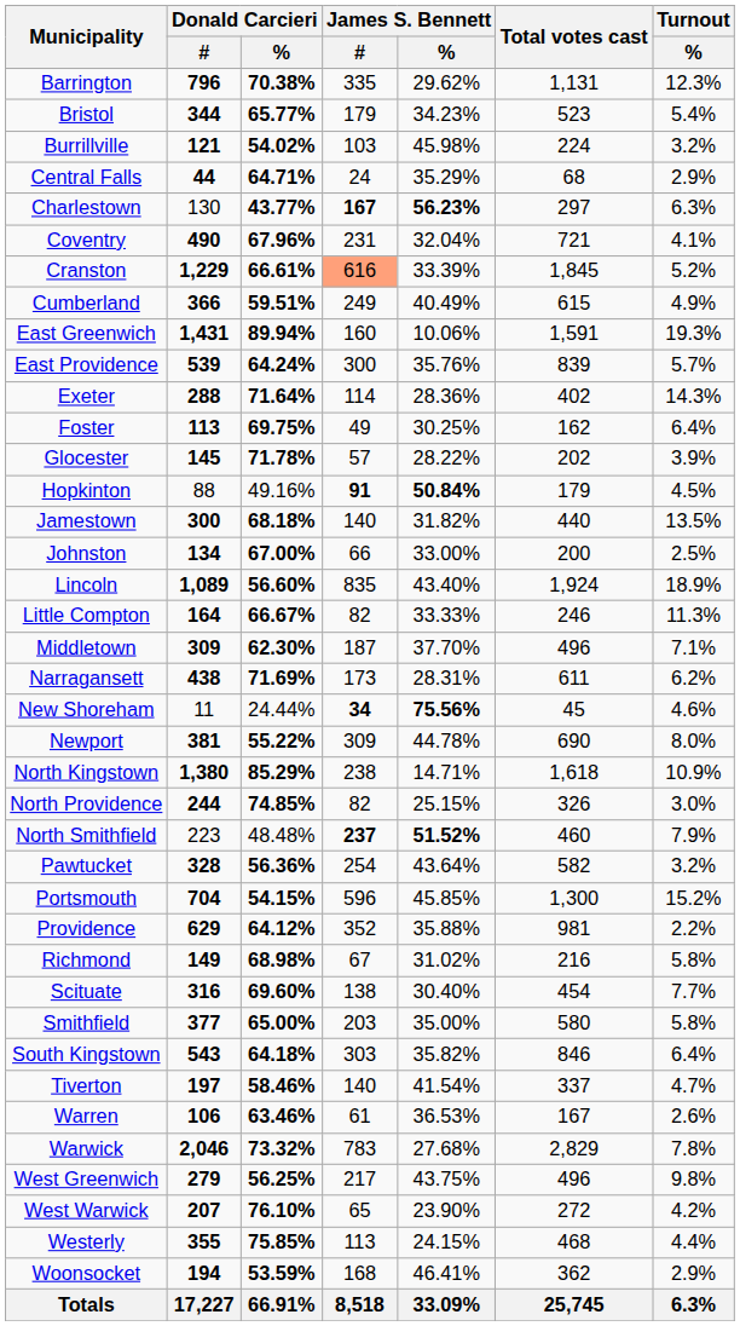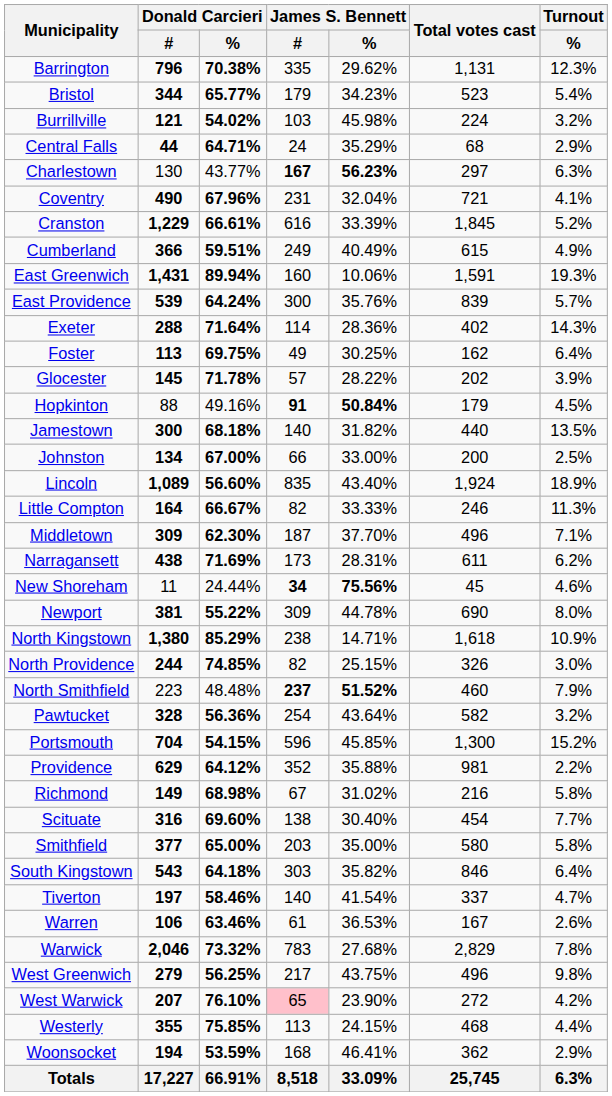 <table class="wikitable sortable">
 <tr>
 <th rowspan="2">Municipality</th>
 <th colspan="2">Donald Carcieri</th>
 <th colspan="2">James S. Bennett</th>
 <th rowspan="2">Total votes cast</th>
 <th rowspan="1">Turnout</th>
 </tr>
 <tr>
 <th data-sort-type="number" style="text-align:center;">#</th>
 <th data-sort-type="number" style="text-align:center;">%</th>
 <th data-sort-type="number" style="text-align:center;">#</th>
 <th data-sort-type="number" style="text-align:center;">%</th>
 <th data-sort-type="number" style="text-align:center;">%</th>
 </tr>
 <tr style="text-align:center;">
 <td><a href='#'>Barrington</a></td>
 <td><strong>796</strong></td>
 <td><strong>70.38%</strong></td>
 <td>335</td>
 <td>29.62%</td>
 <td>1,131</td>
 <td>12.3%</td>
 </tr>
 <tr style="text-align:center;">
 <td><a href='#'>Bristol</a></td>
 <td><strong>344</strong></td>
 <td><strong>65.77%</strong></td>
 <td>179</td>
 <td>34.23%</td>
 <td>523</td>
 <td>5.4%</td>
 </tr>
 <tr style="text-align:center;">
 <td><a href='#'>Burrillville</a></td>
 <td><strong>121</strong></td>
 <td><strong>54.02%</strong></td>
 <td>103</td>
 <td>45.98%</td>
 <td>224</td>
 <td>3.2%</td>
 </tr>
 <tr style="text-align:center;">
 <td><a href='#'>Central Falls</a></td>
 <td><strong>44</strong></td>
 <td><strong>64.71%</strong></td>
 <td>24</td>
 <td>35.29%</td>
 <td>68</td>
 <td>2.9%</td>
 </tr>
 <tr style="text-align:center;">
 <td><a href='#'>Charlestown</a></td>
 <td>130</td>
-<td><strong>43.77%</strong></td>
+<td>43.77%</td>
 <td><strong>167</strong></td>
 <td><strong>56.23%</strong></td>
 <td>297</td>
 <td>6.3%</td>
 </tr>
 <tr style="text-align:center;">
 <td><a href='#'>Coventry</a></td>
 <td><strong>490</strong></td>
 <td><strong>67.96%</strong></td>
 <td>231</td>
 <td>32.04%</td>
 <td>721</td>
 <td>4.1%</td>
 </tr>
 <tr style="text-align:center;">
 <td><a href='#'>Cranston</a></td>
 <td><strong>1,229</strong></td>
 <td><strong>66.61%</strong></td>
-<td style="background: lightsalmon;">616</td>
+<td>616</td>
 <td>33.39%</td>
 <td>1,845</td>
 <td>5.2%</td>
 </tr>
 <tr style="text-align:center;">
 <td><a href='#'>Cumberland</a></td>
 <td><strong>366</strong></td>
 <td><strong>59.51%</strong></td>
 <td>249</td>
 <td>40.49%</td>
 <td>615</td>
 <td>4.9%</td>
 </tr>
 <tr style="text-align:center;">
 <td><a href='#'>East Greenwich</a></td>
 <td><strong>1,431</strong></td>
 <td><strong>89.94%</strong></td>
 <td>160</td>
 <td>10.06%</td>
 <td>1,591</td>
 <td>19.3%</td>
 </tr>
 <tr style="text-align:center;">
 <td><a href='#'>East Providence</a></td>
 <td><strong>539</strong></td>
 <td><strong>64.24%</strong></td>
 <td>300</td>
 <td>35.76%</td>
 <td>839</td>
 <td>5.7%</td>
 </tr>
 <tr style="text-align:center;">
 <td><a href='#'>Exeter</a></td>
 <td><strong>288</strong></td>
 <td><strong>71.64%</strong></td>
 <td>114</td>
 <td>28.36%</td>
 <td>402</td>
 <td>14.3%</td>
 </tr>
 <tr style="text-align:center;">
 <td><a href='#'>Foster</a></td>
 <td><strong>113</strong></td>
 <td><strong>69.75%</strong></td>
 <td>49</td>
 <td>30.25%</td>
 <td>162</td>
 <td>6.4%</td>
 </tr>
 <tr style="text-align:center;">
 <td><a href='#'>Glocester</a></td>
 <td><strong>145</strong></td>
 <td><strong>71.78%</strong></td>
 <td>57</td>
 <td>28.22%</td>
 <td>202</td>
 <td>3.9%</td>
 </tr>
 <tr style="text-align:center;">
 <td><a href='#'>Hopkinton</a></td>
 <td>88</td>
 <td>49.16%</td>
 <td><strong>91</strong></td>
 <td><strong>50.84%</strong></td>
 <td>179</td>
 <td>4.5%</td>
 </tr>
 <tr style="text-align:center;">
 <td><a href='#'>Jamestown</a></td>
 <td><strong>300</strong></td>
 <td><strong>68.18%</strong></td>
 <td>140</td>
 <td>31.82%</td>
 <td>440</td>
 <td>13.5%</td>
 </tr>
 <tr style="text-align:center;">
 <td><a href='#'>Johnston</a></td>
 <td><strong>134</strong></td>
 <td><strong>67.00%</strong></td>
 <td>66</td>
 <td>33.00%</td>
 <td>200</td>
 <td>2.5%</td>
 </tr>
 <tr style="text-align:center;">
 <td><a href='#'>Lincoln</a></td>
 <td><strong>1,089</strong></td>
 <td><strong>56.60%</strong></td>
 <td>835</td>
 <td>43.40%</td>
 <td>1,924</td>
 <td>18.9%</td>
 </tr>
 <tr style="text-align:center;">
 <td><a href='#'>Little Compton</a></td>
 <td><strong>164</strong></td>
 <td><strong>66.67%</strong></td>
 <td>82</td>
 <td>33.33%</td>
 <td>246</td>
 <td>11.3%</td>
 </tr>
 <tr style="text-align:center;">
 <td><a href='#'>Middletown</a></td>
 <td><strong>309</strong></td>
 <td><strong>62.30%</strong></td>
 <td>187</td>
 <td>37.70%</td>
 <td>496</td>
 <td>7.1%</td>
 </tr>
 <tr style="text-align:center;">
 <td><a href='#'>Narragansett</a></td>
 <td><strong>438</strong></td>
 <td><strong>71.69%</strong></td>
 <td>173</td>
 <td>28.31%</td>
 <td>611</td>
 <td>6.2%</td>
 </tr>
 <tr style="text-align:center;">
 <td><a href='#'>New Shoreham</a></td>
 <td>11</td>
 <td>24.44%</td>
 <td><strong>34</strong></td>
 <td><strong>75.56%</strong></td>
 <td>45</td>
 <td>4.6%</td>
 </tr>
 <tr style="text-align:center;">
 <td><a href='#'>Newport</a></td>
 <td><strong>381</strong></td>
 <td><strong>55.22%</strong></td>
 <td>309</td>
 <td>44.78%</td>
 <td>690</td>
 <td>8.0%</td>
 </tr>
 <tr style="text-align:center;">
 <td><a href='#'>North Kingstown</a></td>
 <td><strong>1,380</strong></td>
 <td><strong>85.29%</strong></td>
 <td>238</td>
 <td>14.71%</td>
 <td>1,618</td>
 <td>10.9%</td>
 </tr>
 <tr style="text-align:center;">
 <td><a href='#'>North Providence</a></td>
 <td><strong>244</strong></td>
 <td><strong>74.85%</strong></td>
 <td>82</td>
 <td>25.15%</td>
 <td>326</td>
 <td>3.0%</td>
 </tr>
 <tr style="text-align:center;">
 <td><a href='#'>North Smithfield</a></td>
 <td>223</td>
 <td>48.48%</td>
 <td><strong>237</strong></td>
 <td><strong>51.52%</strong></td>
 <td>460</td>
 <td>7.9%</td>
 </tr>
 <tr style="text-align:center;">
 <td><a href='#'>Pawtucket</a></td>
 <td><strong>328</strong></td>
 <td><strong>56.36%</strong></td>
 <td>254</td>
 <td>43.64%</td>
 <td>582</td>
 <td>3.2%</td>
 </tr>
 <tr style="text-align:center;">
 <td><a href='#'>Portsmouth</a></td>
 <td><strong>704</strong></td>
 <td><strong>54.15%</strong></td>
 <td>596</td>
 <td>45.85%</td>
 <td>1,300</td>
 <td>15.2%</td>
 </tr>
 <tr style="text-align:center;">
 <td><a href='#'>Providence</a></td>
 <td><strong>629</strong></td>
 <td><strong>64.12%</strong></td>
 <td>352</td>
 <td>35.88%</td>
 <td>981</td>
 <td>2.2%</td>
 </tr>
 <tr style="text-align:center;">
 <td><a href='#'>Richmond</a></td>
 <td><strong>149</strong></td>
 <td><strong>68.98%</strong></td>
 <td>67</td>
 <td>31.02%</td>
 <td>216</td>
 <td>5.8%</td>
 </tr>
 <tr - style="text-align:center;">
 <td><a href='#'>Scituate</a></td>
 <td><strong>316</strong></td>
 <td><strong>69.60%</strong></td>
 <td>138</td>
 <td>30.40%</td>
 <td>454</td>
 <td>7.7%</td>
 </tr>
 <tr - style="text-align:center;">
 <td><a href='#'>Smithfield</a></td>
 <td><strong>377</strong></td>
 <td><strong>65.00%</strong></td>
 <td>203</td>
 <td>35.00%</td>
 <td>580</td>
 <td>5.8%</td>
 </tr>
 <tr - style="text-align:center;">
 <td><a href='#'>South Kingstown</a></td>
 <td><strong>543</strong></td>
 <td><strong>64.18%</strong></td>
 <td>303</td>
 <td>35.82%</td>
 <td>846</td>
 <td>6.4%</td>
 </tr>
 <tr - style="text-align:center;">
 <td><a href='#'>Tiverton</a></td>
 <td><strong>197</strong></td>
 <td><strong>58.46%</strong></td>
 <td>140</td>
 <td>41.54%</td>
 <td>337</td>
 <td>4.7%</td>
 </tr>
 <tr - style="text-align:center;">
 <td><a href='#'>Warren</a></td>
 <td><strong>106</strong></td>
 <td><strong>63.46%</strong></td>
 <td>61</td>
 <td>36.53%</td>
 <td>167</td>
 <td>2.6%</td>
 </tr>
 <tr - style="text-align:center;">
 <td><a href='#'>Warwick</a></td>
 <td><strong>2,046</strong></td>
 <td><strong>73.32%</strong></td>
 <td>783</td>
 <td>27.68%</td>
 <td>2,829</td>
 <td>7.8%</td>
 </tr>
 <tr - style="text-align:center;">
 <td><a href='#'>West Greenwich</a></td>
 <td><strong>279</strong></td>
 <td><strong>56.25%</strong></td>
 <td>217</td>
 <td>43.75%</td>
 <td>496</td>
 <td>9.8%</td>
 </tr>
 <tr - style="text-align:center;">
 <td><a href='#'>West Warwick</a></td>
 <td><strong>207</strong></td>
 <td><strong>76.10%</strong></td>
-<td>65</td>
+<td style="background: pink;">65</td>
 <td>23.90%</td>
 <td>272</td>
 <td>4.2%</td>
 </tr>
 <tr - style="text-align:center;">
 <td><a href='#'>Westerly</a></td>
 <td><strong>355</strong></td>
 <td><strong>75.85%</strong></td>
 <td>113</td>
 <td>24.15%</td>
 <td>468</td>
 <td>4.4%</td>
 </tr>
 <tr - style="text-align:center;">
 <td><a href='#'>Woonsocket</a></td>
 <td><strong>194</strong></td>
 <td><strong>53.59%</strong></td>
 <td>168</td>
 <td>46.41%</td>
 <td>362</td>
 <td>2.9%</td>
 </tr>
 <tr style="text-align:center;">
 <th>Totals</th>
 <th>17,227</th>
 <th>66.91%</th>
 <th>8,518</th>
 <th>33.09%</th>
 <th>25,745</th>
 <th>6.3%</th>
 </tr>
 </table>
